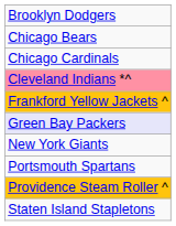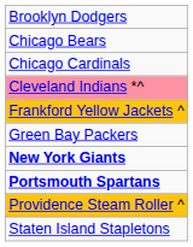 <table class="wikitable">
 <tr>
 <td><a href='#'>Brooklyn Dodgers</a></td>
 </tr>
 <tr>
 <td><a href='#'>Chicago Bears</a></td>
 </tr>
 <tr>
 <td><a href='#'>Chicago Cardinals</a></td>
 </tr>
 <tr>
 <td style="background-color: #FF91A4"><a href='#'>Cleveland Indians</a> *^</td>
 </tr>
 <tr>
 <td style="background-color: #FFC40C"><a href='#'>Frankford Yellow Jackets</a> ^</td>
 </tr>
 <tr>
-<td style="background: lavender;"><a href='#'>Green Bay Packers</a></td>
+<td><a href='#'>Green Bay Packers</a></td>
 </tr>
 <tr>
-<td><a href='#'>New York Giants</a></td>
+<td><strong><a href='#'>New York Giants</a></strong></td>
 </tr>
 <tr>
-<td><a href='#'>Portsmouth Spartans</a></td>
+<td><strong><a href='#'>Portsmouth Spartans</a></strong></td>
 </tr>
 <tr>
 <td style="background-color: #FFC40C"><a href='#'>Providence Steam Roller</a> ^</td>
 </tr>
 <tr>
 <td><a href='#'>Staten Island Stapletons</a></td>
 </tr>
 </table>
